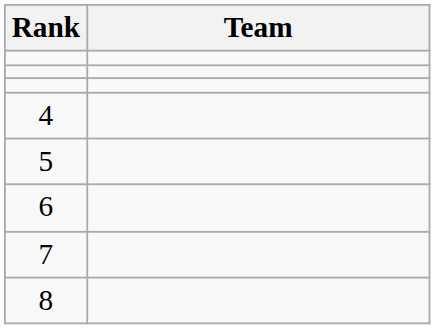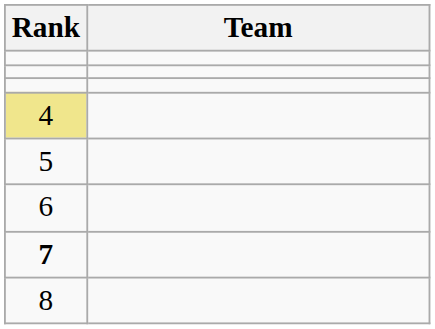 <table class="wikitable" style="text-align:center;">
 <tr>
 <th>Rank</th>
 <th width=180>Team</th>
 </tr>
 <tr>
 <td></td>
 <td align=left></td>
 </tr>
 <tr>
 <td></td>
 <td align=left></td>
 </tr>
 <tr>
 <td></td>
 <td align=left></td>
 </tr>
 <tr>
-<td>4</td>
+<td style="background: khaki;">4</td>
 <td align=left></td>
 </tr>
 <tr>
 <td>5</td>
 <td align=left></td>
 </tr>
 <tr>
 <td>6</td>
 <td align=left></td>
 </tr>
 <tr>
-<td>7</td>
+<td><strong>7</strong></td>
 <td align=left></td>
 </tr>
 <tr>
 <td>8</td>
 <td align=left></td>
 </tr>
 </table>
